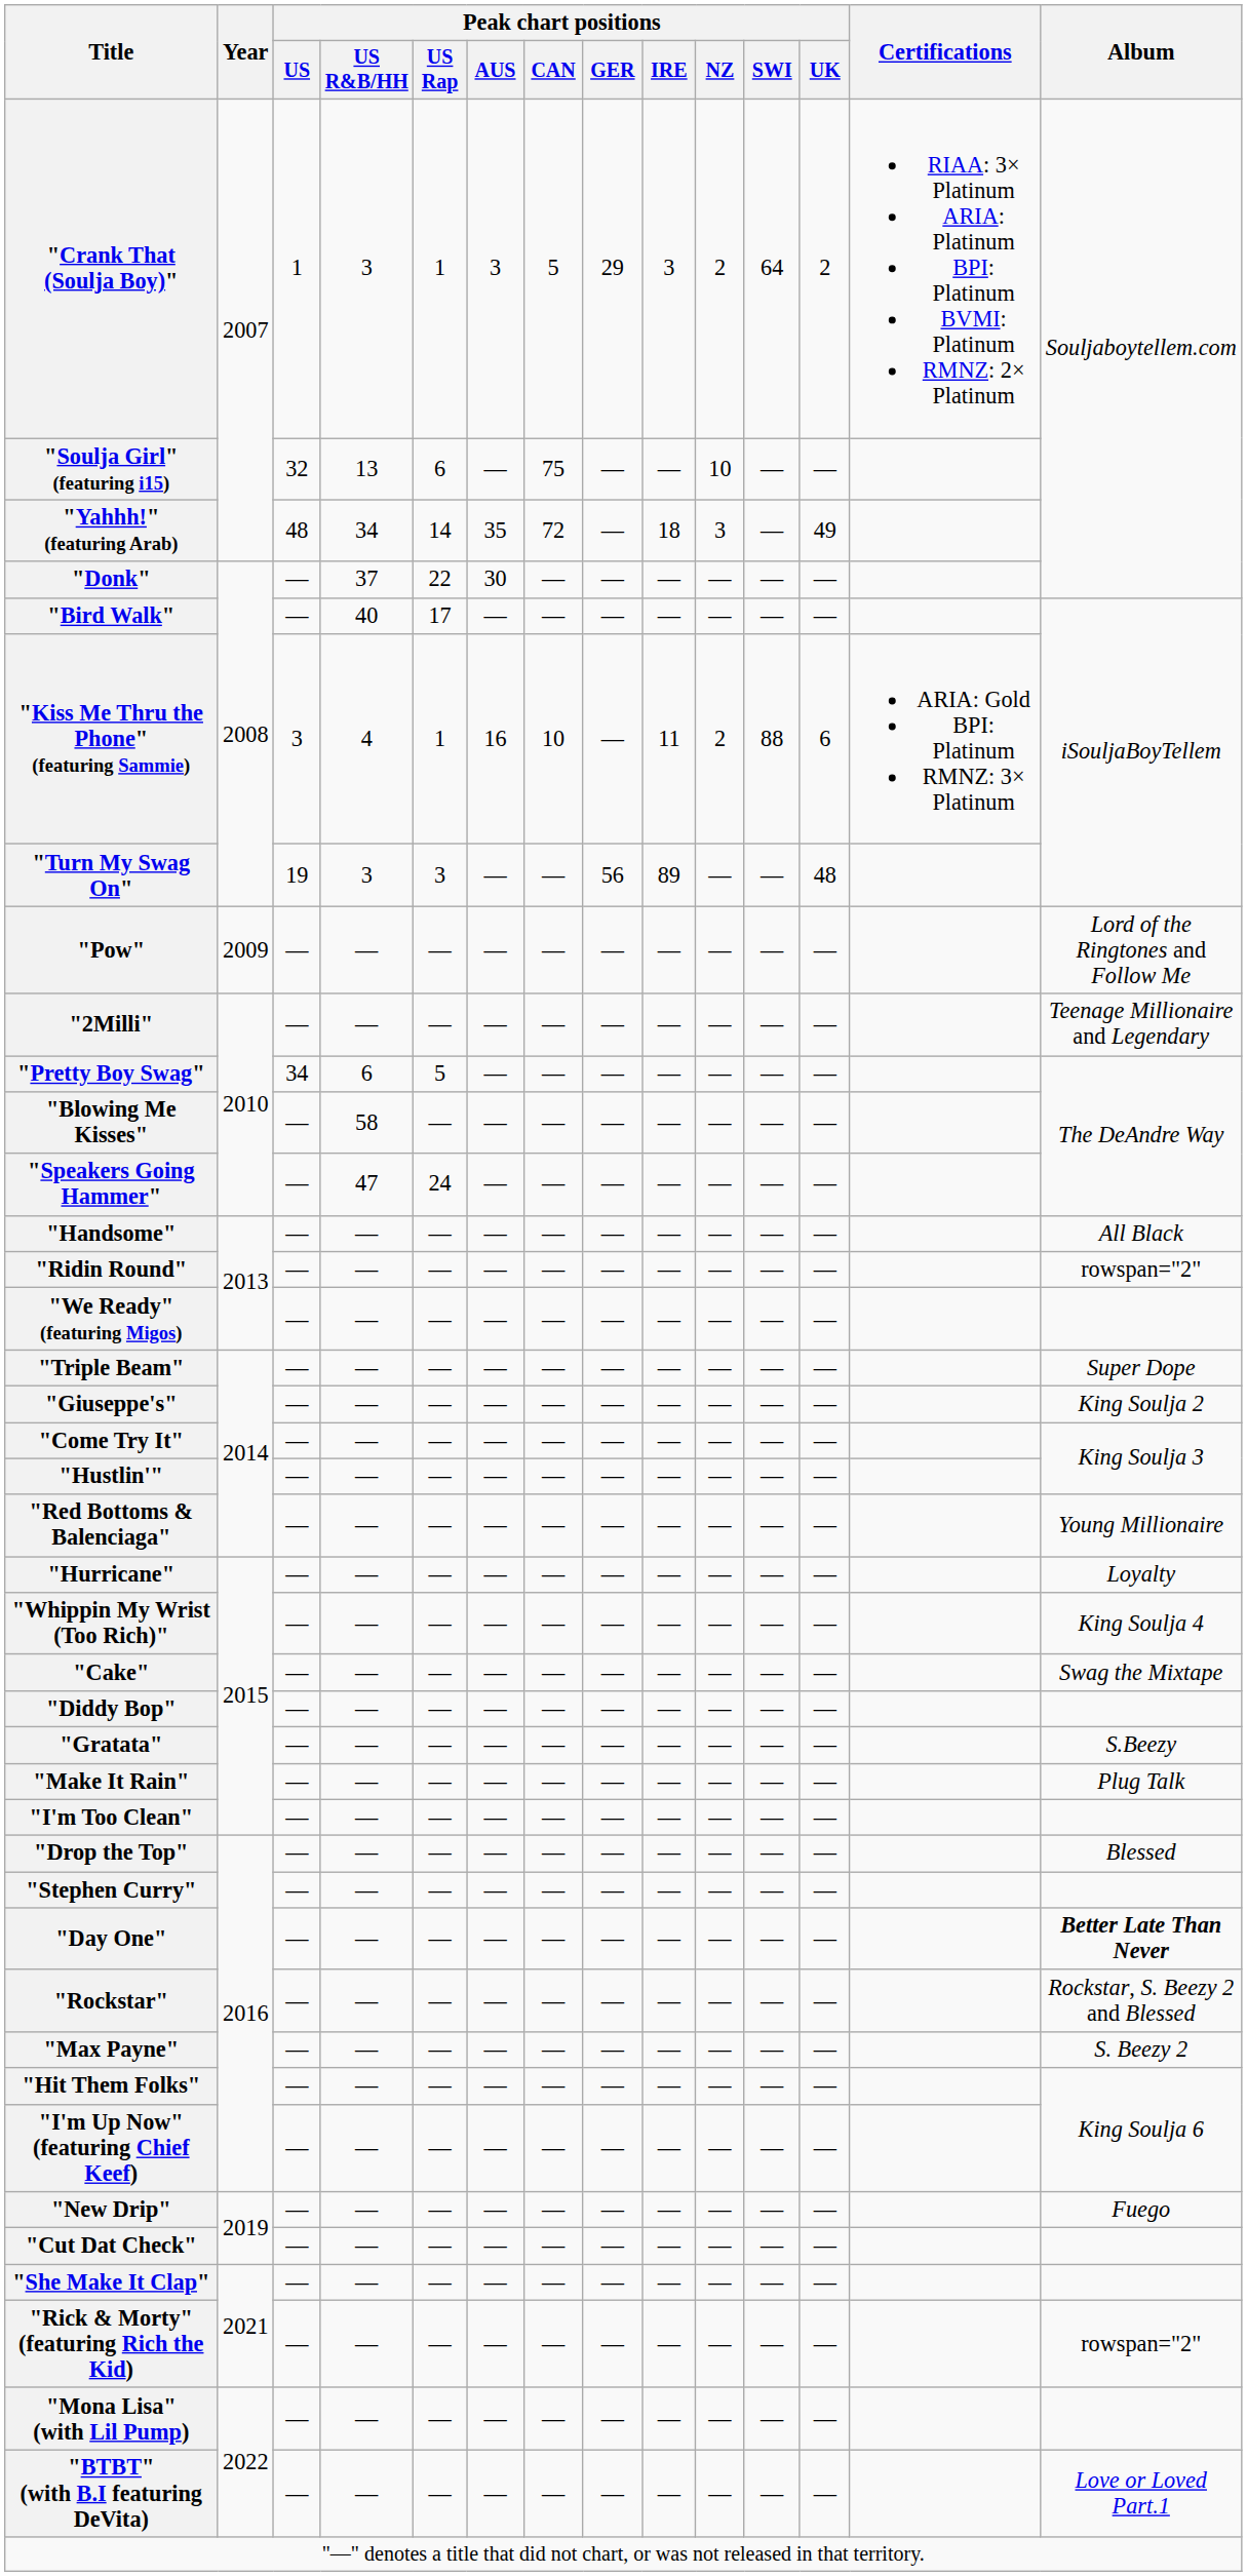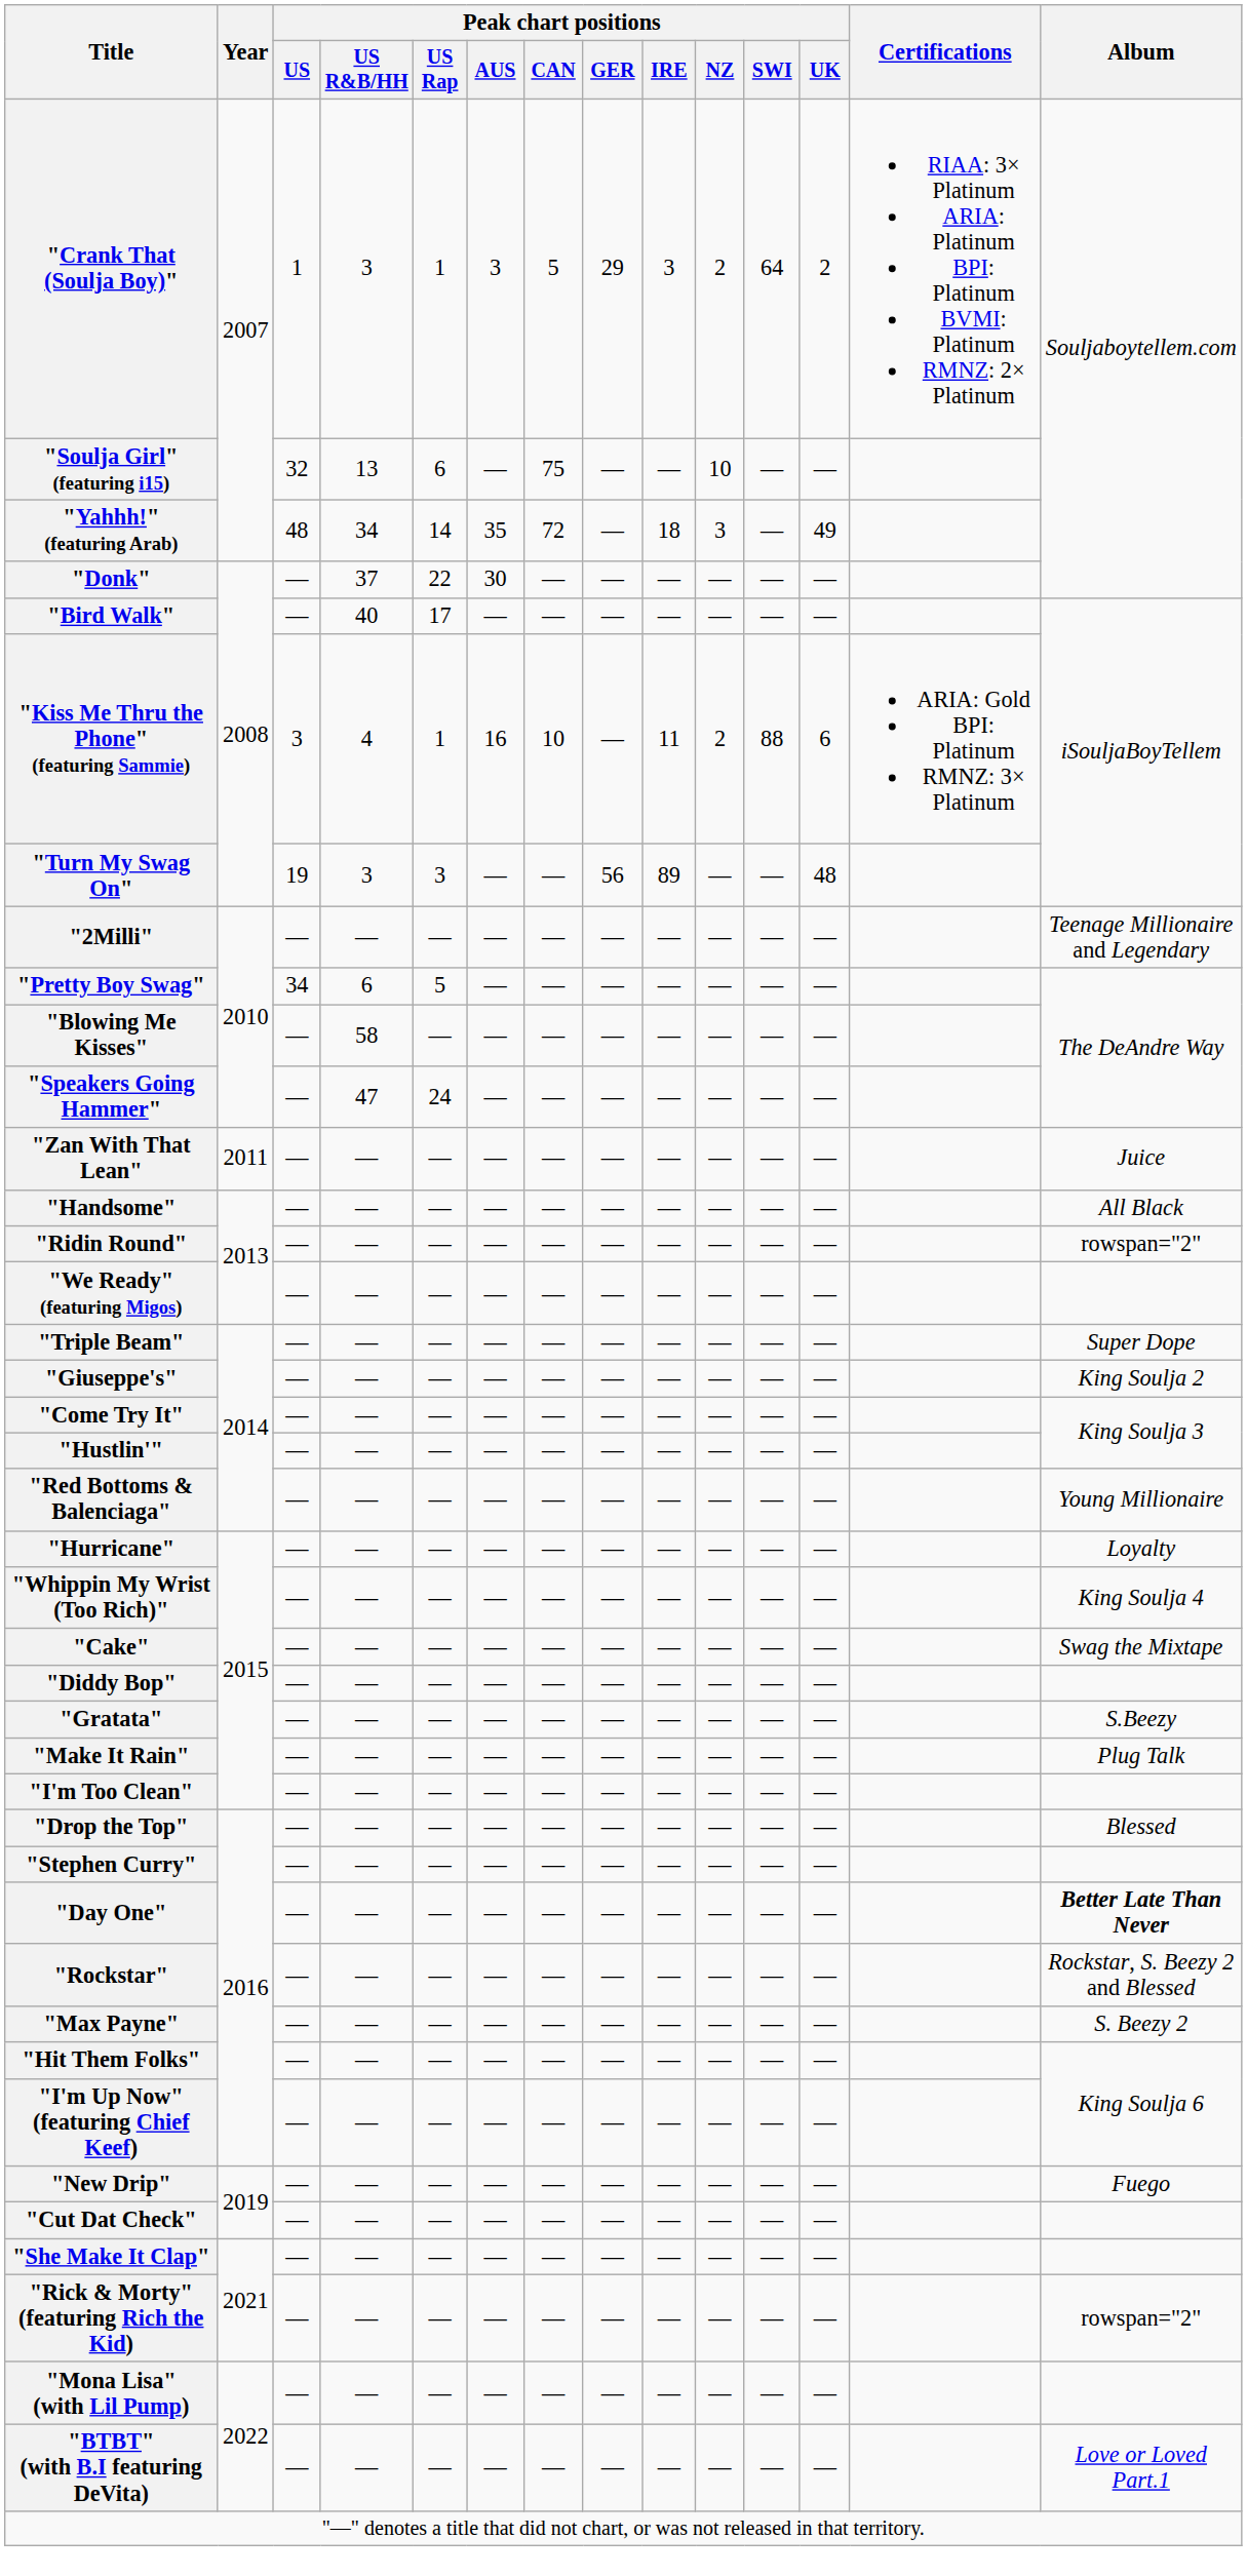 <table class="wikitable plainrowheaders" style="text-align:center;">
 <tr>
 <th scope="col" rowspan="2" style="width:16em;">Title</th>
 <th scope="col" rowspan="2">Year</th>
 <th scope="col" colspan="10">Peak chart positions</th>
 <th scope="col" rowspan="2" style="width:12em;"><a href='#'>Certifications</a></th>
 <th scope="col" rowspan="2">Album</th>
 </tr>
 <tr>
 <th style="width:3em;font-size:90%;"><a href='#'>US</a><br></th>
 <th style="width:3em;font-size:90%;"><a href='#'>US<br>R&B/HH</a><br></th>
 <th style="width:3em;font-size:90%;"><a href='#'>US<br>Rap</a><br></th>
 <th style="width:3em;font-size:90%;"><a href='#'>AUS</a><br></th>
 <th style="width:3em;font-size:90%;"><a href='#'>CAN</a><br></th>
 <th style="width:3em;font-size:90%;"><a href='#'>GER</a><br></th>
 <th style="width:3em;font-size:90%;"><a href='#'>IRE</a><br></th>
 <th style="width:3em;font-size:90%;"><a href='#'>NZ</a><br></th>
 <th style="width:3em;font-size:90%;"><a href='#'>SWI</a><br></th>
 <th style="width:3em;font-size:90%;"><a href='#'>UK</a><br></th>
 </tr>
 <tr>
 <th scope="row">"<a href='#'>Crank That (Soulja Boy)</a>"</th>
 <td rowspan="3">2007</td>
 <td>1</td>
 <td>3</td>
 <td>1</td>
 <td>3</td>
 <td>5</td>
 <td>29</td>
 <td>3</td>
 <td>2</td>
 <td>64</td>
 <td>2</td>
 <td><br><ul><li><a href='#'>RIAA</a>: 3× Platinum</li><li><a href='#'>ARIA</a>: Platinum</li><li><a href='#'>BPI</a>: Platinum</li><li><a href='#'>BVMI</a>: Platinum</li><li><a href='#'>RMNZ</a>: 2× Platinum</li></ul></td>
 <td rowspan="4"><em>Souljaboytellem.com</em></td>
 </tr>
 <tr>
 <th scope="row">"<a href='#'>Soulja Girl</a>"<br><small>(featuring <a href='#'>i15</a>)</small></th>
 <td>32</td>
 <td>13</td>
 <td>6</td>
 <td>—</td>
 <td>75</td>
 <td>—</td>
 <td>—</td>
 <td>10</td>
 <td>—</td>
 <td>—</td>
 <td></td>
 </tr>
 <tr>
 <th scope="row">"<a href='#'>Yahhh!</a>"<br><small>(featuring Arab)</small></th>
 <td>48</td>
 <td>34</td>
 <td>14</td>
 <td>35</td>
 <td>72</td>
 <td>—</td>
 <td>18</td>
 <td>3</td>
 <td>—</td>
 <td>49</td>
 <td></td>
 </tr>
 <tr>
 <th scope="row">"<a href='#'>Donk</a>"</th>
 <td rowspan="4">2008</td>
 <td>—</td>
 <td>37</td>
 <td>22</td>
 <td>30</td>
 <td>—</td>
 <td>—</td>
 <td>—</td>
 <td>—</td>
 <td>—</td>
 <td>—</td>
 <td></td>
 </tr>
 <tr>
 <th scope="row">"<a href='#'>Bird Walk</a>"</th>
 <td>—</td>
 <td>40</td>
 <td>17</td>
 <td>—</td>
 <td>—</td>
 <td>—</td>
 <td>—</td>
 <td>—</td>
 <td>—</td>
 <td>—</td>
 <td></td>
 <td rowspan="3"><em>iSouljaBoyTellem</em></td>
 </tr>
 <tr>
 <th scope="row">"<a href='#'>Kiss Me Thru the Phone</a>"<br><small>(featuring <a href='#'>Sammie</a>)</small></th>
 <td>3</td>
 <td>4</td>
 <td>1</td>
 <td>16</td>
 <td>10</td>
 <td>—</td>
 <td>11</td>
 <td>2</td>
 <td>88</td>
 <td>6</td>
 <td><br><ul><li>ARIA: Gold</li><li>BPI: Platinum</li><li>RMNZ: 3× Platinum</li></ul></td>
 </tr>
 <tr>
 <th scope="row">"<a href='#'>Turn My Swag On</a>"</th>
 <td>19</td>
 <td>3</td>
 <td>3</td>
 <td>—</td>
 <td>—</td>
 <td>56</td>
 <td>89</td>
 <td>—</td>
 <td>—</td>
 <td>48</td>
 <td></td>
 </tr>
 <tr>
-<th scope="row">"Pow"</th>
-<td>2009</td>
-<td>—</td>
-<td>—</td>
-<td>—</td>
-<td>—</td>
-<td>—</td>
-<td>—</td>
-<td>—</td>
-<td>—</td>
-<td>—</td>
-<td>—</td>
-<td></td>
-<td><em>Lord of the Ringtones</em> and <em>Follow Me</em></td>
-</tr>
-<tr>
 <th scope="row">"2Milli"</th>
 <td rowspan="4">2010</td>
 <td>—</td>
 <td>—</td>
 <td>—</td>
 <td>—</td>
 <td>—</td>
 <td>—</td>
 <td>—</td>
 <td>—</td>
 <td>—</td>
 <td>—</td>
 <td></td>
 <td><em>Teenage Millionaire</em> and <em>Legendary</em></td>
 </tr>
 <tr>
 <th scope="row">"<a href='#'>Pretty Boy Swag</a>"</th>
 <td>34</td>
 <td>6</td>
 <td>5</td>
 <td>—</td>
 <td>—</td>
 <td>—</td>
 <td>—</td>
 <td>—</td>
 <td>—</td>
 <td>—</td>
 <td></td>
 <td rowspan="3"><em>The DeAndre Way</em></td>
 </tr>
 <tr>
 <th scope="row">"Blowing Me Kisses"</th>
 <td>—</td>
 <td>58</td>
 <td>—</td>
 <td>—</td>
 <td>—</td>
 <td>—</td>
 <td>—</td>
 <td>—</td>
 <td>—</td>
 <td>—</td>
 <td></td>
 </tr>
 <tr>
 <th scope="row">"<a href='#'>Speakers Going Hammer</a>"</th>
 <td>—</td>
 <td>47</td>
 <td>24</td>
 <td>—</td>
 <td>—</td>
 <td>—</td>
 <td>—</td>
 <td>—</td>
 <td>—</td>
 <td>—</td>
 <td></td>
+</tr>
+<tr>
+<th scope="row">"Zan With That Lean"</th>
+<td>2011</td>
+<td>—</td>
+<td>—</td>
+<td>—</td>
+<td>—</td>
+<td>—</td>
+<td>—</td>
+<td>—</td>
+<td>—</td>
+<td>—</td>
+<td>—</td>
+<td></td>
+<td><em>Juice</em></td>
 </tr>
 <tr>
 <th scope="row">"Handsome"</th>
 <td rowspan="3">2013</td>
 <td>—</td>
 <td>—</td>
 <td>—</td>
 <td>—</td>
 <td>—</td>
 <td>—</td>
 <td>—</td>
 <td>—</td>
 <td>—</td>
 <td>—</td>
 <td></td>
 <td><em>All Black</em></td>
 </tr>
 <tr>
 <th scope="row">"Ridin Round"</th>
 <td>—</td>
 <td>—</td>
 <td>—</td>
 <td>—</td>
 <td>—</td>
 <td>—</td>
 <td>—</td>
 <td>—</td>
 <td>—</td>
 <td>—</td>
 <td></td>
 <td>rowspan="2" </td>
 </tr>
 <tr>
 <th scope="row">"We Ready"<br><small>(featuring <a href='#'>Migos</a>)</small></th>
 <td>—</td>
 <td>—</td>
 <td>—</td>
 <td>—</td>
 <td>—</td>
 <td>—</td>
 <td>—</td>
 <td>—</td>
 <td>—</td>
 <td>—</td>
 <td></td>
 </tr>
 <tr>
 <th scope="row">"Triple Beam"</th>
 <td rowspan="5">2014</td>
 <td>—</td>
 <td>—</td>
 <td>—</td>
 <td>—</td>
 <td>—</td>
 <td>—</td>
 <td>—</td>
 <td>—</td>
 <td>—</td>
 <td>—</td>
 <td></td>
 <td><em>Super Dope</em></td>
 </tr>
 <tr>
 <th scope="row">"Giuseppe's"</th>
 <td>—</td>
 <td>—</td>
 <td>—</td>
 <td>—</td>
 <td>—</td>
 <td>—</td>
 <td>—</td>
 <td>—</td>
 <td>—</td>
 <td>—</td>
 <td></td>
 <td><em>King Soulja 2</em></td>
 </tr>
 <tr>
 <th scope="row">"Come Try It"</th>
 <td>—</td>
 <td>—</td>
 <td>—</td>
 <td>—</td>
 <td>—</td>
 <td>—</td>
 <td>—</td>
 <td>—</td>
 <td>—</td>
 <td>—</td>
 <td></td>
 <td rowspan="2"><em>King Soulja 3</em></td>
 </tr>
 <tr>
 <th scope="row">"Hustlin'"</th>
 <td>—</td>
 <td>—</td>
 <td>—</td>
 <td>—</td>
 <td>—</td>
 <td>—</td>
 <td>—</td>
 <td>—</td>
 <td>—</td>
 <td>—</td>
 <td></td>
 </tr>
 <tr>
 <th scope="row">"Red Bottoms & Balenciaga"</th>
 <td>—</td>
 <td>—</td>
 <td>—</td>
 <td>—</td>
 <td>—</td>
 <td>—</td>
 <td>—</td>
 <td>—</td>
 <td>—</td>
 <td>—</td>
 <td></td>
 <td><em>Young Millionaire</em></td>
 </tr>
 <tr>
 <th scope="row">"Hurricane"</th>
 <td rowspan="7">2015</td>
 <td>—</td>
 <td>—</td>
 <td>—</td>
 <td>—</td>
 <td>—</td>
 <td>—</td>
 <td>—</td>
 <td>—</td>
 <td>—</td>
 <td>—</td>
 <td></td>
 <td><em>Loyalty</em></td>
 </tr>
 <tr>
 <th scope="row">"Whippin My Wrist (Too Rich)"</th>
 <td>—</td>
 <td>—</td>
 <td>—</td>
 <td>—</td>
 <td>—</td>
 <td>—</td>
 <td>—</td>
 <td>—</td>
 <td>—</td>
 <td>—</td>
 <td></td>
 <td><em>King Soulja 4</em></td>
 </tr>
 <tr>
 <th scope="row">"Cake"</th>
 <td>—</td>
 <td>—</td>
 <td>—</td>
 <td>—</td>
 <td>—</td>
 <td>—</td>
 <td>—</td>
 <td>—</td>
 <td>—</td>
 <td>—</td>
 <td></td>
 <td><em>Swag the Mixtape</em></td>
 </tr>
 <tr>
 <th scope="row">"Diddy Bop"</th>
 <td>—</td>
 <td>—</td>
 <td>—</td>
 <td>—</td>
 <td>—</td>
 <td>—</td>
 <td>—</td>
 <td>—</td>
 <td>—</td>
 <td>—</td>
 <td></td>
 <td></td>
 </tr>
 <tr>
 <th scope="row">"Gratata"</th>
 <td>—</td>
 <td>—</td>
 <td>—</td>
 <td>—</td>
 <td>—</td>
 <td>—</td>
 <td>—</td>
 <td>—</td>
 <td>—</td>
 <td>—</td>
 <td></td>
 <td><em>S.Beezy</em></td>
 </tr>
 <tr>
 <th scope="row">"Make It Rain"</th>
 <td>—</td>
 <td>—</td>
 <td>—</td>
 <td>—</td>
 <td>—</td>
 <td>—</td>
 <td>—</td>
 <td>—</td>
 <td>—</td>
 <td>—</td>
 <td></td>
 <td><em>Plug Talk</em></td>
 </tr>
 <tr>
 <th scope="row">"I'm Too Clean"</th>
 <td>—</td>
 <td>—</td>
 <td>—</td>
 <td>—</td>
 <td>—</td>
 <td>—</td>
 <td>—</td>
 <td>—</td>
 <td>—</td>
 <td>—</td>
 <td></td>
 <td></td>
 </tr>
 <tr>
 <th scope="row">"Drop the Top"</th>
 <td rowspan="7">2016</td>
 <td>—</td>
 <td>—</td>
 <td>—</td>
 <td>—</td>
 <td>—</td>
 <td>—</td>
 <td>—</td>
 <td>—</td>
 <td>—</td>
 <td>—</td>
 <td></td>
 <td><em>Blessed</em></td>
 </tr>
 <tr>
 <th scope="row">"Stephen Curry"</th>
 <td>—</td>
 <td>—</td>
 <td>—</td>
 <td>—</td>
 <td>—</td>
 <td>—</td>
 <td>—</td>
 <td>—</td>
 <td>—</td>
 <td>—</td>
 <td></td>
 <td></td>
 </tr>
 <tr>
 <th scope="row">"Day One"</th>
 <td>—</td>
 <td>—</td>
 <td>—</td>
 <td>—</td>
 <td>—</td>
 <td>—</td>
 <td>—</td>
 <td>—</td>
 <td>—</td>
 <td>—</td>
 <td></td>
 <td><strong><em>Better Late Than Never</em></strong></td>
 </tr>
 <tr>
 <th scope="row">"Rockstar"</th>
 <td>—</td>
 <td>—</td>
 <td>—</td>
 <td>—</td>
 <td>—</td>
 <td>—</td>
 <td>—</td>
 <td>—</td>
 <td>—</td>
 <td>—</td>
 <td></td>
 <td><em>Rockstar</em>, <em>S. Beezy 2</em> and <em>Blessed</em></td>
 </tr>
 <tr>
 <th scope="row">"Max Payne"</th>
 <td>—</td>
 <td>—</td>
 <td>—</td>
 <td>—</td>
 <td>—</td>
 <td>—</td>
 <td>—</td>
 <td>—</td>
 <td>—</td>
 <td>—</td>
 <td></td>
 <td><em>S. Beezy 2</em></td>
 </tr>
 <tr>
 <th scope="row">"Hit Them Folks"</th>
 <td>—</td>
 <td>—</td>
 <td>—</td>
 <td>—</td>
 <td>—</td>
 <td>—</td>
 <td>—</td>
 <td>—</td>
 <td>—</td>
 <td>—</td>
 <td></td>
 <td rowspan="2"><em>King Soulja 6</em></td>
 </tr>
 <tr>
 <th scope="row">"I'm Up Now"<br><span>(featuring <a href='#'>Chief Keef</a>)</span></th>
 <td>—</td>
 <td>—</td>
 <td>—</td>
 <td>—</td>
 <td>—</td>
 <td>—</td>
 <td>—</td>
 <td>—</td>
 <td>—</td>
 <td>—</td>
 <td></td>
 </tr>
 <tr>
 <th scope="row">"New Drip"</th>
 <td rowspan="2">2019</td>
 <td>—</td>
 <td>—</td>
 <td>—</td>
 <td>—</td>
 <td>—</td>
 <td>—</td>
 <td>—</td>
 <td>—</td>
 <td>—</td>
 <td>—</td>
 <td></td>
 <td><em>Fuego</em></td>
 </tr>
 <tr>
 <th scope="row">"Cut Dat Check"</th>
 <td>—</td>
 <td>—</td>
 <td>—</td>
 <td>—</td>
 <td>—</td>
 <td>—</td>
 <td>—</td>
 <td>—</td>
 <td>—</td>
 <td>—</td>
 <td></td>
 <td></td>
 </tr>
 <tr>
 <th scope="row">"<a href='#'>She Make It Clap</a>"</th>
 <td rowspan="2">2021</td>
 <td>—</td>
 <td>—</td>
 <td>—</td>
 <td>—</td>
 <td>—</td>
 <td>—</td>
 <td>—</td>
 <td>—</td>
 <td>—</td>
 <td>—</td>
 <td></td>
 <td></td>
 </tr>
 <tr>
 <th scope="row">"Rick & Morty"<br><span>(featuring <a href='#'>Rich the Kid</a>)</span></th>
 <td>—</td>
 <td>—</td>
 <td>—</td>
 <td>—</td>
 <td>—</td>
 <td>—</td>
 <td>—</td>
 <td>—</td>
 <td>—</td>
 <td>—</td>
 <td></td>
 <td>rowspan="2" </td>
 </tr>
 <tr>
 <th scope="row">"Mona Lisa" <br><span>(with <a href='#'>Lil Pump</a>)</span></th>
 <td rowspan="2">2022</td>
 <td>—</td>
 <td>—</td>
 <td>—</td>
 <td>—</td>
 <td>—</td>
 <td>—</td>
 <td>—</td>
 <td>—</td>
 <td>—</td>
 <td>—</td>
 <td></td>
 </tr>
 <tr>
 <th scope="row">"<a href='#'>BTBT</a>" <br><span>(with <a href='#'>B.I</a> featuring DeVita)</span></th>
 <td>—</td>
 <td>—</td>
 <td>—</td>
 <td>—</td>
 <td>—</td>
 <td>—</td>
 <td>—</td>
 <td>—</td>
 <td>—</td>
 <td>—</td>
 <td></td>
 <td><em><a href='#'>Love or Loved Part.1</a></em></td>
 </tr>
 <tr>
 <td colspan="14" style="font-size:90%">"—" denotes a title that did not chart, or was not released in that territory.</td>
 </tr>
 </table>
